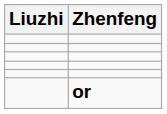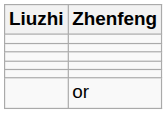 <table class="wikitable">
 <tr>
 <th>Liuzhi</th>
 <th>Zhenfeng</th>
 </tr>
 <tr>
 <td></td>
 <td></td>
 </tr>
 <tr>
 <td></td>
 <td></td>
 </tr>
 <tr>
 <td></td>
 <td></td>
 </tr>
 <tr>
 <td></td>
 <td></td>
 </tr>
 <tr>
 <td></td>
 <td></td>
 </tr>
 <tr>
 <td></td>
-<td><strong> or </strong></td>
+<td> or </td>
 </tr>
 </table>
